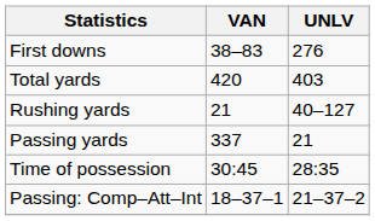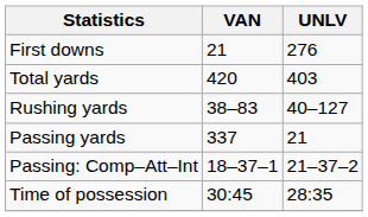 <table class="wikitable" style="float: left;">
 <tr>
 <th>Statistics</th>
 <th>VAN</th>
 <th>UNLV</th>
 </tr>
 <tr>
 <td>First downs</td>
-<td>38–83</td>
+<td>21</td>
 <td>276</td>
 </tr>
 <tr>
 <td>Total yards</td>
 <td>420</td>
 <td>403</td>
 </tr>
 <tr>
 <td>Rushing yards</td>
-<td>21</td>
+<td>38–83</td>
 <td>40–127</td>
 </tr>
 <tr>
 <td>Passing yards</td>
 <td>337</td>
 <td>21</td>
 </tr>
 <tr>
+<td>Passing: Comp–Att–Int</td>
+<td>18–37–1</td>
+<td>21–37–2</td>
+</tr>
+<tr>
 <td>Time of possession</td>
 <td>30:45</td>
 <td>28:35</td>
 </tr>
 <tr>
-<td>Passing: Comp–Att–Int</td>
-<td>18–37–1</td>
-<td>21–37–2</td>
-</tr>
-<tr>
 </tr>
 </table>
